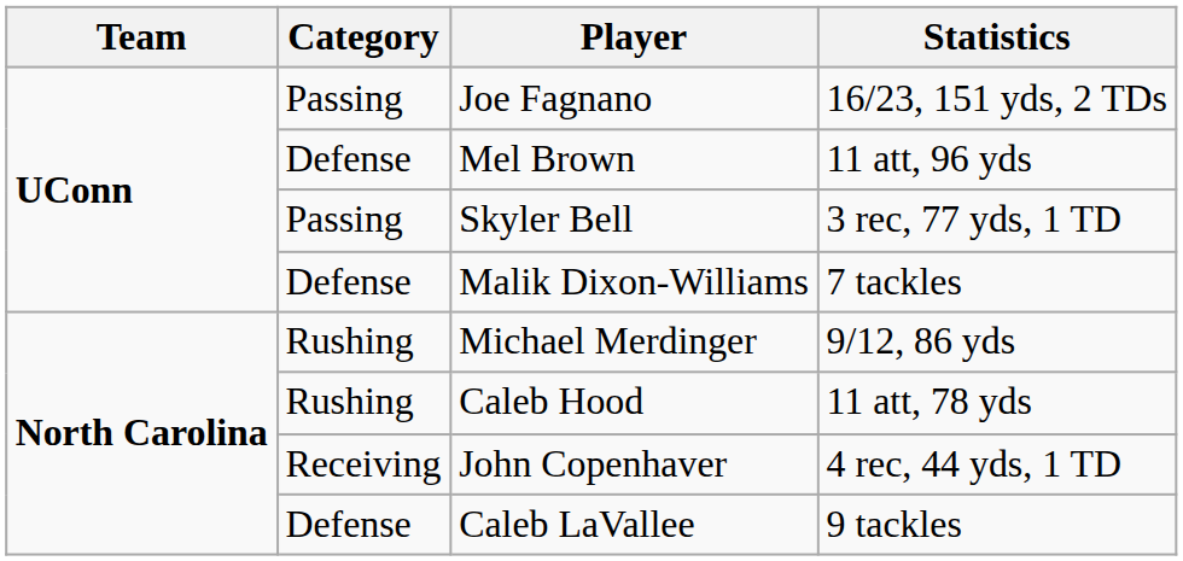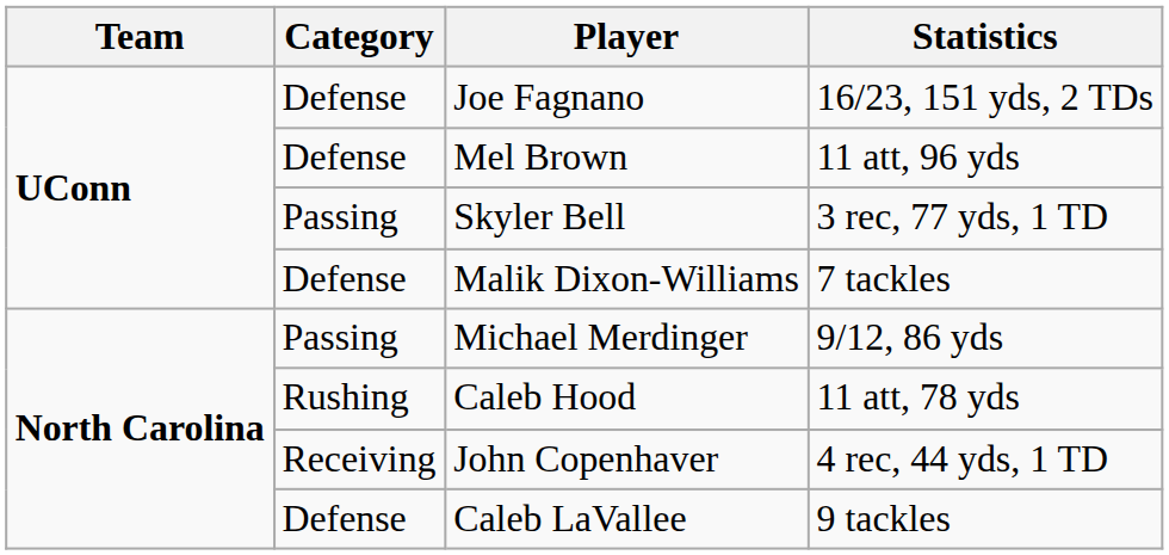 <table class="wikitable" style="float: right;">
 <tr>
 <th>Team</th>
 <th>Category</th>
 <th>Player</th>
 <th>Statistics</th>
 </tr>
 <tr>
 <td rowspan=4><strong>UConn</strong></td>
-<td>Passing</td>
+<td>Defense</td>
 <td>Joe Fagnano</td>
 <td>16/23, 151 yds, 2 TDs</td>
 </tr>
 <tr>
 <td>Defense</td>
 <td>Mel Brown</td>
 <td>11 att, 96 yds</td>
 </tr>
 <tr>
 <td>Passing</td>
 <td>Skyler Bell</td>
 <td>3 rec, 77 yds, 1 TD</td>
 </tr>
 <tr>
 <td>Defense</td>
 <td>Malik Dixon-Williams</td>
 <td>7 tackles</td>
 </tr>
 <tr>
 <td rowspan=4><strong>North Carolina</strong></td>
-<td>Rushing</td>
+<td>Passing</td>
 <td>Michael Merdinger</td>
 <td>9/12, 86 yds</td>
 </tr>
 <tr>
 <td>Rushing</td>
 <td>Caleb Hood</td>
 <td>11 att, 78 yds</td>
 </tr>
 <tr>
 <td>Receiving</td>
 <td>John Copenhaver</td>
 <td>4 rec, 44 yds, 1 TD</td>
 </tr>
 <tr>
 <td>Defense</td>
 <td>Caleb LaVallee</td>
 <td>9 tackles</td>
 </tr>
 </table>
